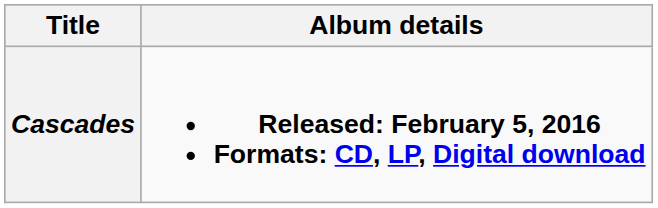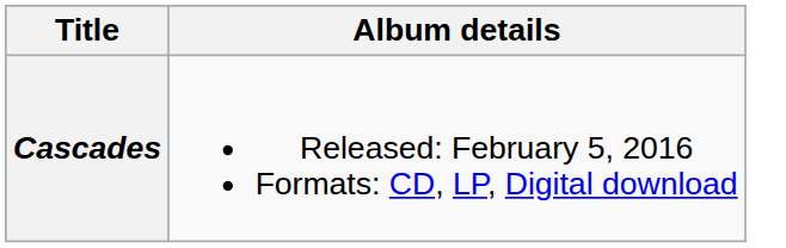 <table class="wikitable plainrowheaders" style="text-align:center;">
 <tr>
 <th scope="col">Title</th>
 <th scope="col">Album details</th>
 </tr>
 <tr>
 <th scope="row"><em>Cascades</em></th>
-<td><strong><br><ul><li>Released: February 5, 2016</li><li>Formats: <a href='#'>CD</a>, <a href='#'>LP</a>, <a href='#'>Digital download</a></li></ul></strong></td>
+<td><br><ul><li>Released: February 5, 2016</li><li>Formats: <a href='#'>CD</a>, <a href='#'>LP</a>, <a href='#'>Digital download</a></li></ul></td>
 </tr>
 </table>
